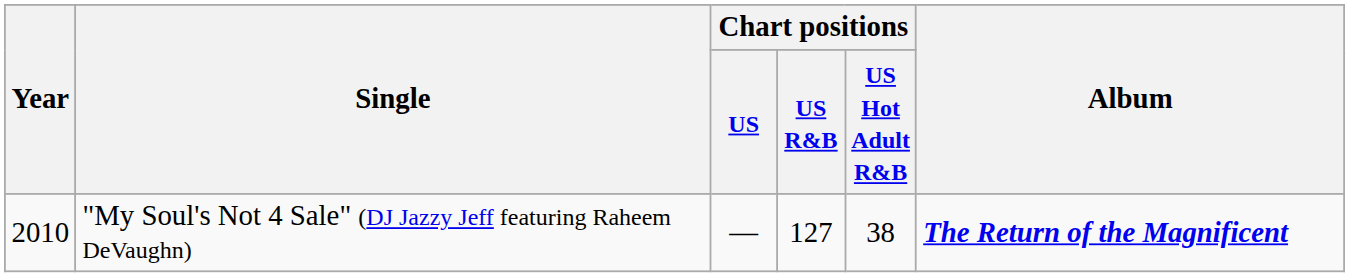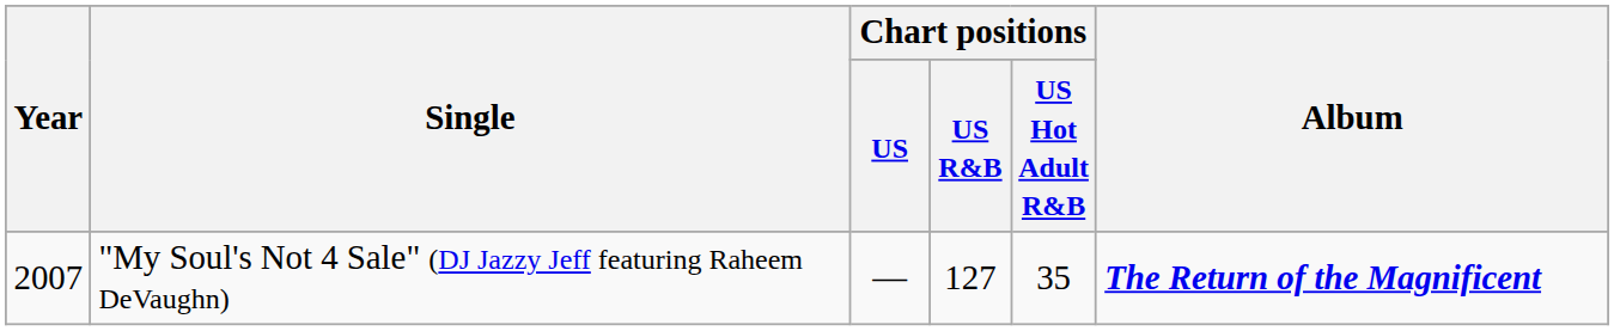 <table class="wikitable">
 <tr>
 <th style="text-align:center;" rowspan="2">Year</th>
 <th style="text-align:center; width:345px;" rowspan="2">Single</th>
 <th style="text-align:center;" colspan="3">Chart positions</th>
 <th style="text-align:center; width:230px;" rowspan="2">Album</th>
 </tr>
 <tr>
 <th width="30"><small><a href='#'>US</a></small></th>
 <th width="30"><small><a href='#'>US R&B</a></small></th>
 <th width="30"><small><a href='#'>US Hot Adult R&B</a></small></th>
 </tr>
 <tr>
-<td>2010</td>
+<td>2007</td>
 <td>"My Soul's Not 4 Sale"  <small>(<a href='#'>DJ Jazzy Jeff</a> featuring Raheem DeVaughn)</small></td>
 <td style="text-align:center;">—</td>
 <td style="text-align:center;">127</td>
-<td style="text-align:center;">38</td>
+<td style="text-align:center;">35</td>
 <td><strong><em><a href='#'>The Return of the Magnificent</a></em></strong></td>
 </tr>
 </table>
